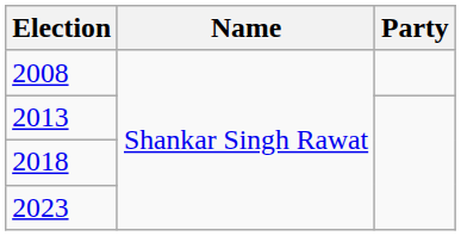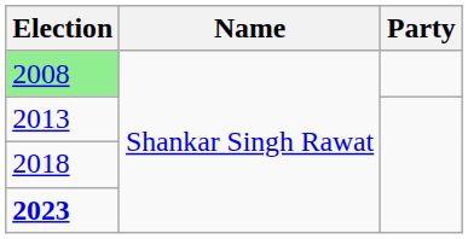 <table class="wikitable sortable">
 <tr>
 <th>Election</th>
 <th>Name</th>
 <th colspan=2>Party</th>
 </tr>
 <tr>
-<td><a href='#'>2008</a></td>
+<td style="background: lightgreen;"><a href='#'>2008</a></td>
 <td rowspan=4><a href='#'>Shankar Singh Rawat</a></td>
 <td></td>
 </tr>
 <tr>
 <td><a href='#'>2013</a></td>
 </tr>
 <tr>
 <td><a href='#'>2018</a></td>
 </tr>
 <tr>
-<td><a href='#'>2023</a></td>
+<td><strong><a href='#'>2023</a></strong></td>
 </tr>
 </table>
